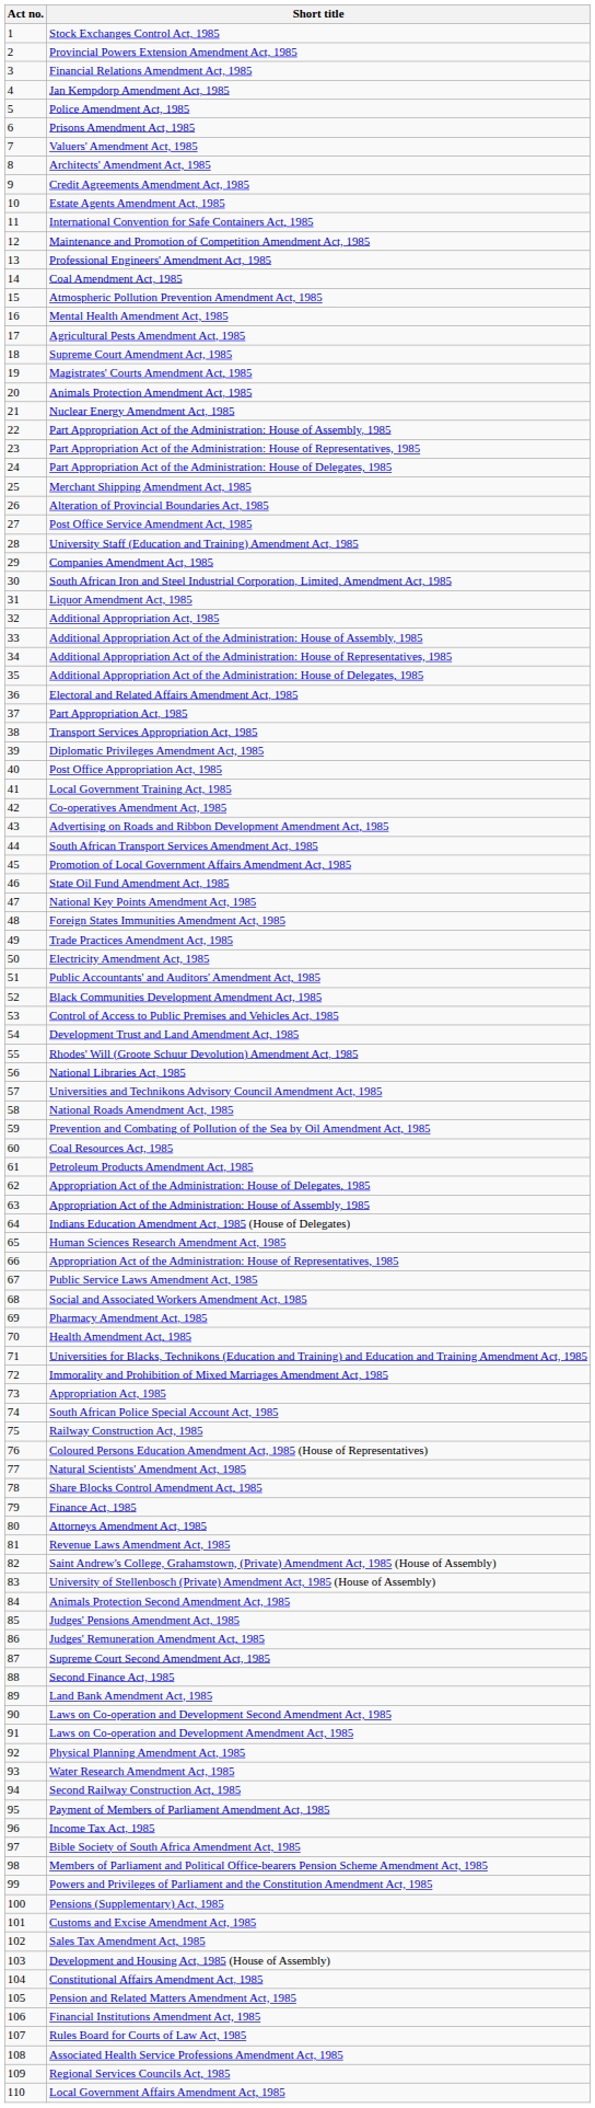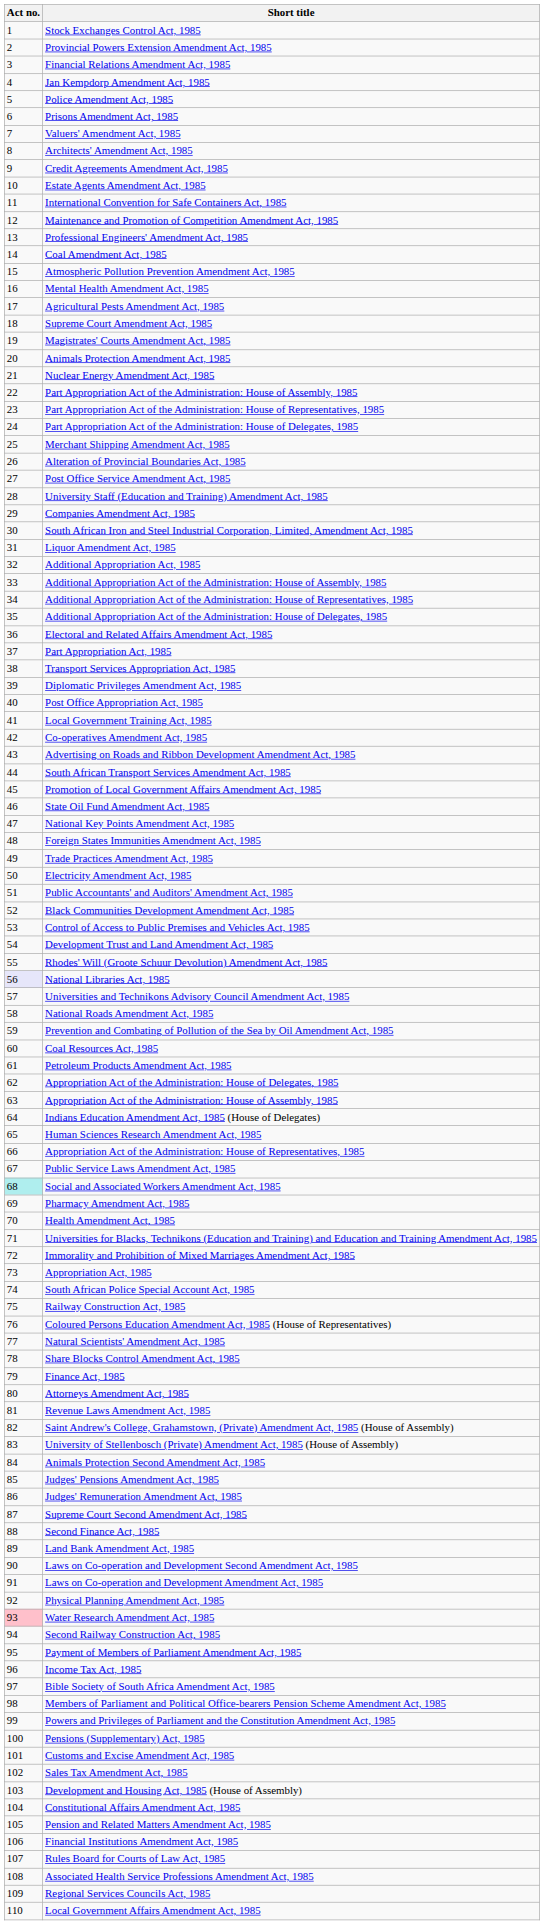 <table class="wikitable sortable">
 <tr>
 <th>Act no.</th>
 <th>Short title</th>
 </tr>
 <tr>
 <td>1</td>
 <td><a href='#'>Stock Exchanges Control Act, 1985</a></td>
 </tr>
 <tr>
 <td>2</td>
 <td><a href='#'>Provincial Powers Extension Amendment Act, 1985</a></td>
 </tr>
 <tr>
 <td>3</td>
 <td><a href='#'>Financial Relations Amendment Act, 1985</a></td>
 </tr>
 <tr>
 <td>4</td>
 <td><a href='#'>Jan Kempdorp Amendment Act, 1985</a></td>
 </tr>
 <tr>
 <td>5</td>
 <td><a href='#'>Police Amendment Act, 1985</a></td>
 </tr>
 <tr>
 <td>6</td>
 <td><a href='#'>Prisons Amendment Act, 1985</a></td>
 </tr>
 <tr>
 <td>7</td>
 <td><a href='#'>Valuers' Amendment Act, 1985</a></td>
 </tr>
 <tr>
 <td>8</td>
 <td><a href='#'>Architects' Amendment Act, 1985</a></td>
 </tr>
 <tr>
 <td>9</td>
 <td><a href='#'>Credit Agreements Amendment Act, 1985</a></td>
 </tr>
 <tr>
 <td>10</td>
 <td><a href='#'>Estate Agents Amendment Act, 1985</a></td>
 </tr>
 <tr>
 <td>11</td>
 <td><a href='#'>International Convention for Safe Containers Act, 1985</a></td>
 </tr>
 <tr>
 <td>12</td>
 <td><a href='#'>Maintenance and Promotion of Competition Amendment Act, 1985</a></td>
 </tr>
 <tr>
 <td>13</td>
 <td><a href='#'>Professional Engineers' Amendment Act, 1985</a></td>
 </tr>
 <tr>
 <td>14</td>
 <td><a href='#'>Coal Amendment Act, 1985</a></td>
 </tr>
 <tr>
 <td>15</td>
 <td><a href='#'>Atmospheric Pollution Prevention Amendment Act, 1985</a></td>
 </tr>
 <tr>
 <td>16</td>
 <td><a href='#'>Mental Health Amendment Act, 1985</a></td>
 </tr>
 <tr>
 <td>17</td>
 <td><a href='#'>Agricultural Pests Amendment Act, 1985</a></td>
 </tr>
 <tr>
 <td>18</td>
 <td><a href='#'>Supreme Court Amendment Act, 1985</a></td>
 </tr>
 <tr>
 <td>19</td>
 <td><a href='#'>Magistrates' Courts Amendment Act, 1985</a></td>
 </tr>
 <tr>
 <td>20</td>
 <td><a href='#'>Animals Protection Amendment Act, 1985</a></td>
 </tr>
 <tr>
 <td>21</td>
 <td><a href='#'>Nuclear Energy Amendment Act, 1985</a></td>
 </tr>
 <tr>
 <td>22</td>
 <td><a href='#'>Part Appropriation Act of the Administration: House of Assembly, 1985</a></td>
 </tr>
 <tr>
 <td>23</td>
 <td><a href='#'>Part Appropriation Act of the Administration: House of Representatives, 1985</a></td>
 </tr>
 <tr>
 <td>24</td>
 <td><a href='#'>Part Appropriation Act of the Administration: House of Delegates, 1985</a></td>
 </tr>
 <tr>
 <td>25</td>
 <td><a href='#'>Merchant Shipping Amendment Act, 1985</a></td>
 </tr>
 <tr>
 <td>26</td>
 <td><a href='#'>Alteration of Provincial Boundaries Act, 1985</a></td>
 </tr>
 <tr>
 <td>27</td>
 <td><a href='#'>Post Office Service Amendment Act, 1985</a></td>
 </tr>
 <tr>
 <td>28</td>
 <td><a href='#'>University Staff (Education and Training) Amendment Act, 1985</a></td>
 </tr>
 <tr>
 <td>29</td>
 <td><a href='#'>Companies Amendment Act, 1985</a></td>
 </tr>
 <tr>
 <td>30</td>
 <td><a href='#'>South African Iron and Steel Industrial Corporation, Limited, Amendment Act, 1985</a></td>
 </tr>
 <tr>
 <td>31</td>
 <td><a href='#'>Liquor Amendment Act, 1985</a></td>
 </tr>
 <tr>
 <td>32</td>
 <td><a href='#'>Additional Appropriation Act, 1985</a></td>
 </tr>
 <tr>
 <td>33</td>
 <td><a href='#'>Additional Appropriation Act of the Administration: House of Assembly, 1985</a></td>
 </tr>
 <tr>
 <td>34</td>
 <td><a href='#'>Additional Appropriation Act of the Administration: House of Representatives, 1985</a></td>
 </tr>
 <tr>
 <td>35</td>
 <td><a href='#'>Additional Appropriation Act of the Administration: House of Delegates, 1985</a></td>
 </tr>
 <tr>
 <td>36</td>
 <td><a href='#'>Electoral and Related Affairs Amendment Act, 1985</a></td>
 </tr>
 <tr>
 <td>37</td>
 <td><a href='#'>Part Appropriation Act, 1985</a></td>
 </tr>
 <tr>
 <td>38</td>
 <td><a href='#'>Transport Services Appropriation Act, 1985</a></td>
 </tr>
 <tr>
 <td>39</td>
 <td><a href='#'>Diplomatic Privileges Amendment Act, 1985</a></td>
 </tr>
 <tr>
 <td>40</td>
 <td><a href='#'>Post Office Appropriation Act, 1985</a></td>
 </tr>
 <tr>
 <td>41</td>
 <td><a href='#'>Local Government Training Act, 1985</a></td>
 </tr>
 <tr>
 <td>42</td>
 <td><a href='#'>Co-operatives Amendment Act, 1985</a></td>
 </tr>
 <tr>
 <td>43</td>
 <td><a href='#'>Advertising on Roads and Ribbon Development Amendment Act, 1985</a></td>
 </tr>
 <tr>
 <td>44</td>
 <td><a href='#'>South African Transport Services Amendment Act, 1985</a></td>
 </tr>
 <tr>
 <td>45</td>
 <td><a href='#'>Promotion of Local Government Affairs Amendment Act, 1985</a></td>
 </tr>
 <tr>
 <td>46</td>
 <td><a href='#'>State Oil Fund Amendment Act, 1985</a></td>
 </tr>
 <tr>
 <td>47</td>
 <td><a href='#'>National Key Points Amendment Act, 1985</a></td>
 </tr>
 <tr>
 <td>48</td>
 <td><a href='#'>Foreign States Immunities Amendment Act, 1985</a></td>
 </tr>
 <tr>
 <td>49</td>
 <td><a href='#'>Trade Practices Amendment Act, 1985</a></td>
 </tr>
 <tr>
 <td>50</td>
 <td><a href='#'>Electricity Amendment Act, 1985</a></td>
 </tr>
 <tr>
 <td>51</td>
 <td><a href='#'>Public Accountants' and Auditors' Amendment Act, 1985</a></td>
 </tr>
 <tr>
 <td>52</td>
 <td><a href='#'>Black Communities Development Amendment Act, 1985</a></td>
 </tr>
 <tr>
 <td>53</td>
 <td><a href='#'>Control of Access to Public Premises and Vehicles Act, 1985</a></td>
 </tr>
 <tr>
 <td>54</td>
 <td><a href='#'>Development Trust and Land Amendment Act, 1985</a></td>
 </tr>
 <tr>
 <td>55</td>
 <td><a href='#'>Rhodes' Will (Groote Schuur Devolution) Amendment Act, 1985</a></td>
 </tr>
 <tr>
-<td>56</td>
+<td style="background: lavender;">56</td>
 <td><a href='#'>National Libraries Act, 1985</a></td>
 </tr>
 <tr>
 <td>57</td>
 <td><a href='#'>Universities and Technikons Advisory Council Amendment Act, 1985</a></td>
 </tr>
 <tr>
 <td>58</td>
 <td><a href='#'>National Roads Amendment Act, 1985</a></td>
 </tr>
 <tr>
 <td>59</td>
 <td><a href='#'>Prevention and Combating of Pollution of the Sea by Oil Amendment Act, 1985</a></td>
 </tr>
 <tr>
 <td>60</td>
 <td><a href='#'>Coal Resources Act, 1985</a></td>
 </tr>
 <tr>
 <td>61</td>
 <td><a href='#'>Petroleum Products Amendment Act, 1985</a></td>
 </tr>
 <tr>
 <td>62</td>
 <td><a href='#'>Appropriation Act of the Administration: House of Delegates, 1985</a></td>
 </tr>
 <tr>
 <td>63</td>
 <td><a href='#'>Appropriation Act of the Administration: House of Assembly, 1985</a></td>
 </tr>
 <tr>
 <td>64</td>
 <td><a href='#'>Indians Education Amendment Act, 1985</a> (House of Delegates)</td>
 </tr>
 <tr>
 <td>65</td>
 <td><a href='#'>Human Sciences Research Amendment Act, 1985</a></td>
 </tr>
 <tr>
 <td>66</td>
 <td><a href='#'>Appropriation Act of the Administration: House of Representatives, 1985</a></td>
 </tr>
 <tr>
 <td>67</td>
 <td><a href='#'>Public Service Laws Amendment Act, 1985</a></td>
 </tr>
 <tr>
-<td>68</td>
+<td style="background: paleturquoise;">68</td>
 <td><a href='#'>Social and Associated Workers Amendment Act, 1985</a></td>
 </tr>
 <tr>
 <td>69</td>
 <td><a href='#'>Pharmacy Amendment Act, 1985</a></td>
 </tr>
 <tr>
 <td>70</td>
 <td><a href='#'>Health Amendment Act, 1985</a></td>
 </tr>
 <tr>
 <td>71</td>
 <td><a href='#'>Universities for Blacks, Technikons (Education and Training) and Education and Training Amendment Act, 1985</a></td>
 </tr>
 <tr>
 <td>72</td>
 <td><a href='#'>Immorality and Prohibition of Mixed Marriages Amendment Act, 1985</a></td>
 </tr>
 <tr>
 <td>73</td>
 <td><a href='#'>Appropriation Act, 1985</a></td>
 </tr>
 <tr>
 <td>74</td>
 <td><a href='#'>South African Police Special Account Act, 1985</a></td>
 </tr>
 <tr>
 <td>75</td>
 <td><a href='#'>Railway Construction Act, 1985</a></td>
 </tr>
 <tr>
 <td>76</td>
 <td><a href='#'>Coloured Persons Education Amendment Act, 1985</a> (House of Representatives)</td>
 </tr>
 <tr>
 <td>77</td>
 <td><a href='#'>Natural Scientists' Amendment Act, 1985</a></td>
 </tr>
 <tr>
 <td>78</td>
 <td><a href='#'>Share Blocks Control Amendment Act, 1985</a></td>
 </tr>
 <tr>
 <td>79</td>
 <td><a href='#'>Finance Act, 1985</a></td>
 </tr>
 <tr>
 <td>80</td>
 <td><a href='#'>Attorneys Amendment Act, 1985</a></td>
 </tr>
 <tr>
 <td>81</td>
 <td><a href='#'>Revenue Laws Amendment Act, 1985</a></td>
 </tr>
 <tr>
 <td>82</td>
 <td><a href='#'>Saint Andrew's College, Grahamstown, (Private) Amendment Act, 1985</a> (House of Assembly)</td>
 </tr>
 <tr>
 <td>83</td>
 <td><a href='#'>University of Stellenbosch (Private) Amendment Act, 1985</a> (House of Assembly)</td>
 </tr>
 <tr>
 <td>84</td>
 <td><a href='#'>Animals Protection Second Amendment Act, 1985</a></td>
 </tr>
 <tr>
 <td>85</td>
 <td><a href='#'>Judges' Pensions Amendment Act, 1985</a></td>
 </tr>
 <tr>
 <td>86</td>
 <td><a href='#'>Judges' Remuneration Amendment Act, 1985</a></td>
 </tr>
 <tr>
 <td>87</td>
 <td><a href='#'>Supreme Court Second Amendment Act, 1985</a></td>
 </tr>
 <tr>
 <td>88</td>
 <td><a href='#'>Second Finance Act, 1985</a></td>
 </tr>
 <tr>
 <td>89</td>
 <td><a href='#'>Land Bank Amendment Act, 1985</a></td>
 </tr>
 <tr>
 <td>90</td>
 <td><a href='#'>Laws on Co-operation and Development Second Amendment Act, 1985</a></td>
 </tr>
 <tr>
 <td>91</td>
 <td><a href='#'>Laws on Co-operation and Development Amendment Act, 1985</a></td>
 </tr>
 <tr>
 <td>92</td>
 <td><a href='#'>Physical Planning Amendment Act, 1985</a></td>
 </tr>
 <tr>
-<td>93</td>
+<td style="background: pink;">93</td>
 <td><a href='#'>Water Research Amendment Act, 1985</a></td>
 </tr>
 <tr>
 <td>94</td>
 <td><a href='#'>Second Railway Construction Act, 1985</a></td>
 </tr>
 <tr>
 <td>95</td>
 <td><a href='#'>Payment of Members of Parliament Amendment Act, 1985</a></td>
 </tr>
 <tr>
 <td>96</td>
 <td><a href='#'>Income Tax Act, 1985</a></td>
 </tr>
 <tr>
 <td>97</td>
 <td><a href='#'>Bible Society of South Africa Amendment Act, 1985</a></td>
 </tr>
 <tr>
 <td>98</td>
 <td><a href='#'>Members of Parliament and Political Office-bearers Pension Scheme Amendment Act, 1985</a></td>
 </tr>
 <tr>
 <td>99</td>
 <td><a href='#'>Powers and Privileges of Parliament and the Constitution Amendment Act, 1985</a></td>
 </tr>
 <tr>
 <td>100</td>
 <td><a href='#'>Pensions (Supplementary) Act, 1985</a></td>
 </tr>
 <tr>
 <td>101</td>
 <td><a href='#'>Customs and Excise Amendment Act, 1985</a></td>
 </tr>
 <tr>
 <td>102</td>
 <td><a href='#'>Sales Tax Amendment Act, 1985</a></td>
 </tr>
 <tr>
 <td>103</td>
 <td><a href='#'>Development and Housing Act, 1985</a> (House of Assembly)</td>
 </tr>
 <tr>
 <td>104</td>
 <td><a href='#'>Constitutional Affairs Amendment Act, 1985</a></td>
 </tr>
 <tr>
 <td>105</td>
 <td><a href='#'>Pension and Related Matters Amendment Act, 1985</a></td>
 </tr>
 <tr>
 <td>106</td>
 <td><a href='#'>Financial Institutions Amendment Act, 1985</a></td>
 </tr>
 <tr>
 <td>107</td>
 <td><a href='#'>Rules Board for Courts of Law Act, 1985</a></td>
 </tr>
 <tr>
 <td>108</td>
 <td><a href='#'>Associated Health Service Professions Amendment Act, 1985</a></td>
 </tr>
 <tr>
 <td>109</td>
 <td><a href='#'>Regional Services Councils Act, 1985</a></td>
 </tr>
 <tr>
 <td>110</td>
 <td><a href='#'>Local Government Affairs Amendment Act, 1985</a></td>
 </tr>
 </table>
